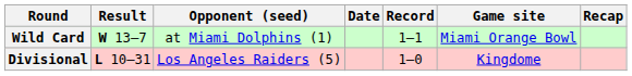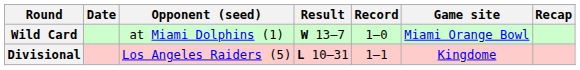 <table class="wikitable" style="text-align:center">
 <tr>
 <th>Round</th>
+<th>Date</th>
+<th>Opponent (seed)</th>
 <th>Result</th>
-<th>Opponent (seed)</th>
-<th>Date</th>
 <th>Record</th>
 <th>Game site</th>
 <th>Recap</th>
 </tr>
 <tr style="background:#cfc">
 <th>Wild Card</th>
+<td></td>
+<td>at <a href='#'>Miami Dolphins</a> (1)</td>
 <td><strong>W</strong> 13–7</td>
-<td>at <a href='#'>Miami Dolphins</a> (1)</td>
-<td></td>
-<td>1–1</td>
+<td>1–0</td>
 <td><a href='#'>Miami Orange Bowl</a></td>
 <td></td>
 </tr>
 <tr style="background:#fcc">
 <th>Divisional</th>
+<td></td>
+<td><a href='#'>Los Angeles Raiders</a> (5)</td>
 <td><strong>L</strong> 10–31</td>
-<td><a href='#'>Los Angeles Raiders</a> (5)</td>
-<td></td>
-<td>1–0</td>
+<td>1–1</td>
 <td><a href='#'>Kingdome</a></td>
 <td></td>
 </tr>
 </table>
